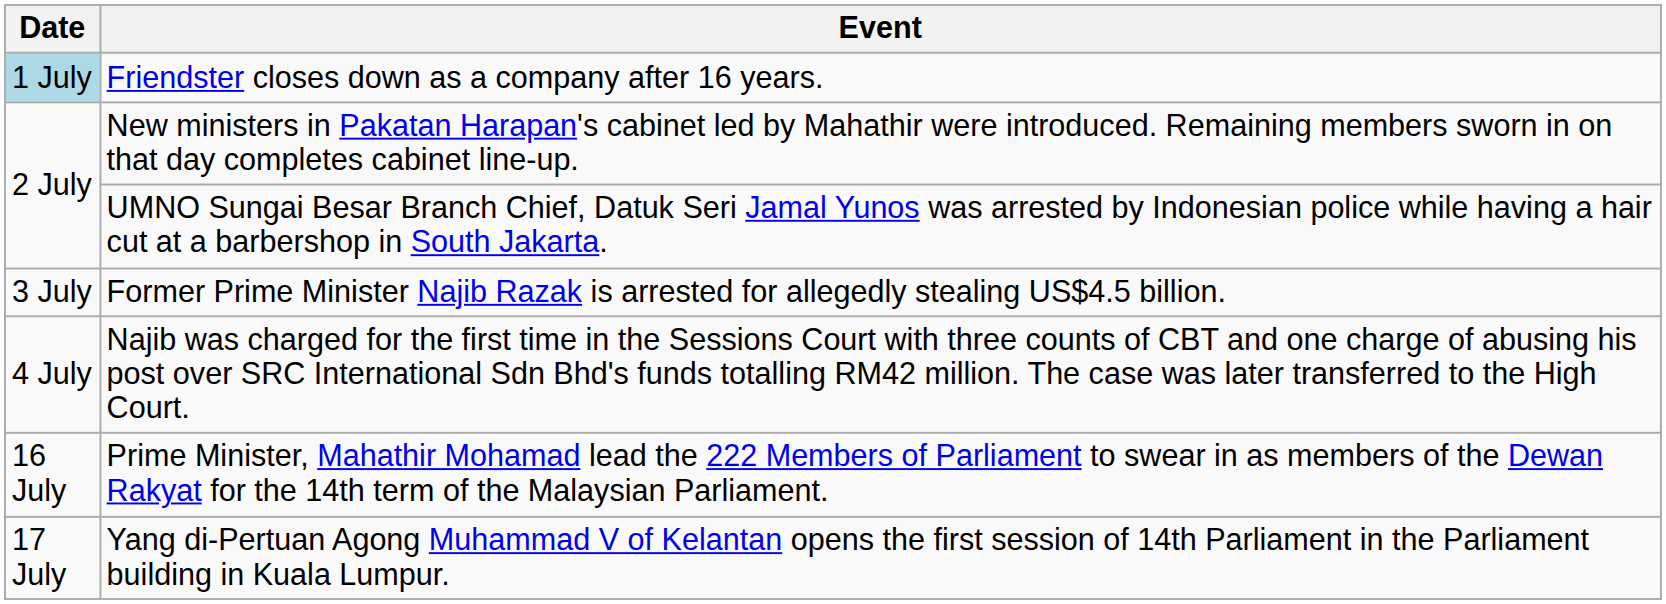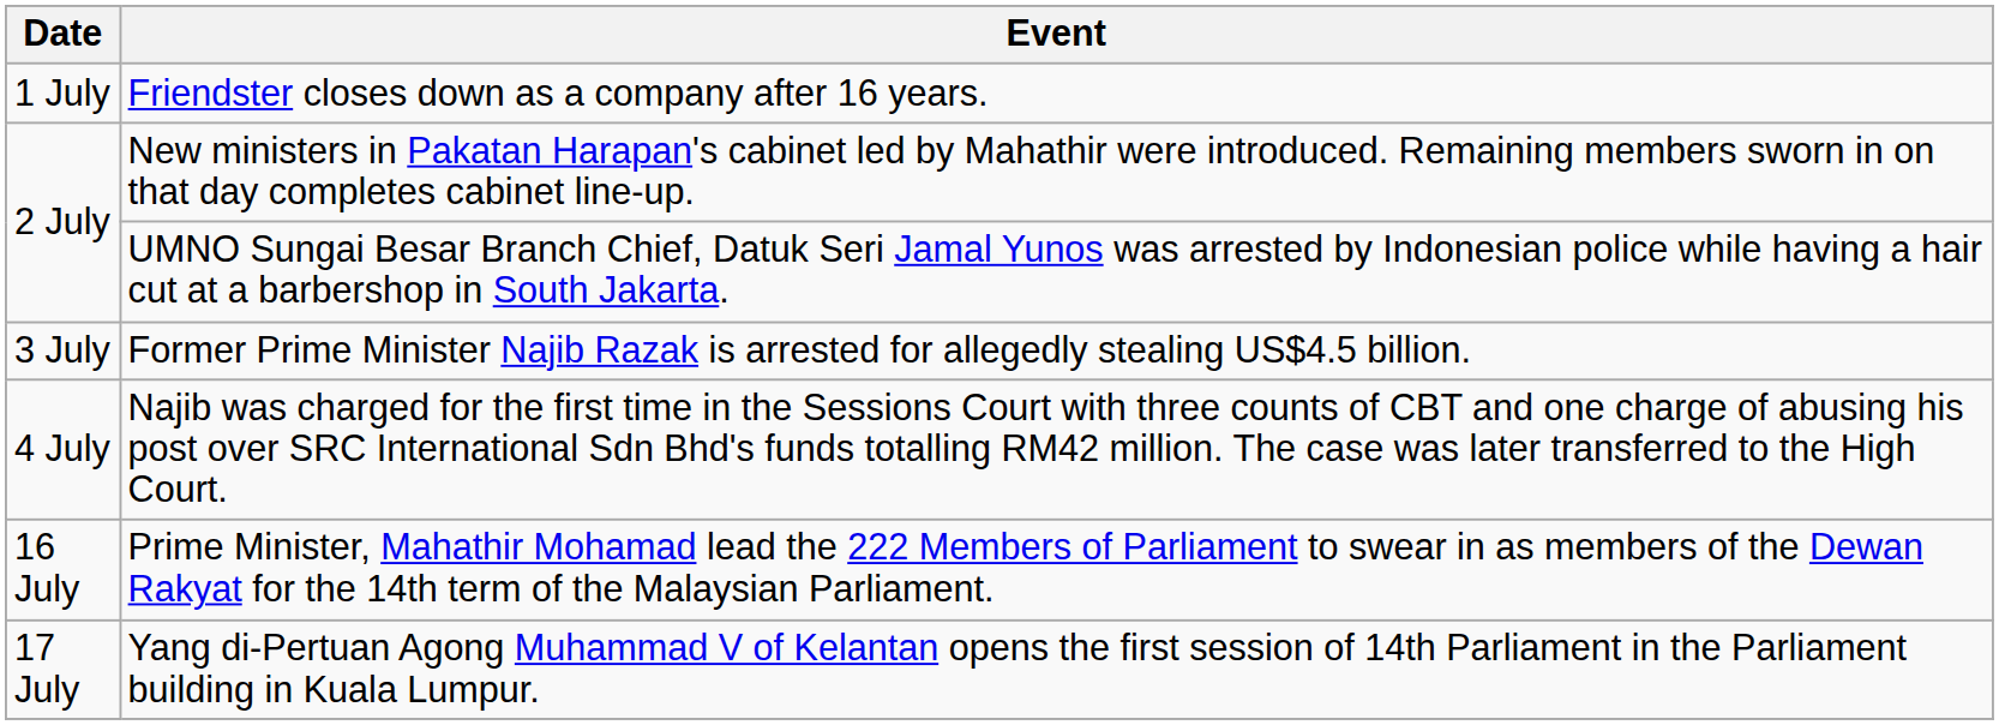 <table class="wikitable">
 <tr>
 <th>Date</th>
 <th>Event</th>
 </tr>
 <tr>
-<td style="background: lightblue;">1 July</td>
+<td>1 July</td>
 <td><a href='#'>Friendster</a> closes down as a company after 16 years.</td>
 </tr>
 <tr>
 <td rowspan=2>2 July</td>
 <td>New ministers in <a href='#'>Pakatan Harapan</a>'s cabinet led by Mahathir were introduced. Remaining members sworn in on that day completes cabinet line-up.</td>
 </tr>
 <tr>
 <td>UMNO Sungai Besar Branch Chief, Datuk Seri <a href='#'>Jamal Yunos</a> was arrested by Indonesian police while having a hair cut at a barbershop in <a href='#'>South Jakarta</a>.</td>
 </tr>
 <tr>
 <td>3 July</td>
 <td>Former Prime Minister <a href='#'>Najib Razak</a> is arrested for allegedly stealing US$4.5 billion.</td>
 </tr>
 <tr>
 <td>4 July</td>
 <td>Najib was charged for the first time in the Sessions Court with three counts of CBT and one charge of abusing his post over SRC International Sdn Bhd's funds totalling RM42 million. The case was later transferred to the High Court.</td>
 </tr>
 <tr>
 <td>16 July</td>
 <td>Prime Minister, <a href='#'>Mahathir Mohamad</a> lead the <a href='#'>222 Members of Parliament</a> to swear in as members of the <a href='#'>Dewan Rakyat</a> for the 14th term of the Malaysian Parliament.</td>
 </tr>
 <tr>
 <td>17 July</td>
 <td>Yang di-Pertuan Agong <a href='#'>Muhammad V of Kelantan</a> opens the first session of 14th Parliament in the Parliament building in Kuala Lumpur.</td>
 </tr>
 </table>
